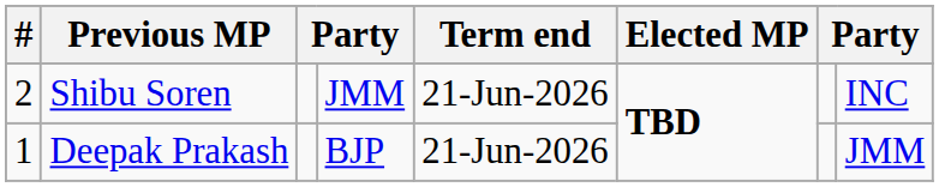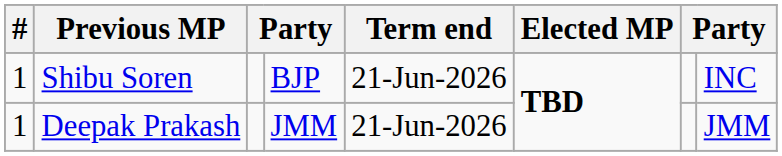 <table class="wikitable sortable">
 <tr>
 <th>#</th>
 <th>Previous MP</th>
 <th colspan="2">Party</th>
 <th>Term end</th>
 <th>Elected MP</th>
 <th colspan="2">Party</th>
 </tr>
 <tr>
-<td>2</td>
+<td>1</td>
 <td><a href='#'>Shibu Soren</a></td>
 <td width="1px"></td>
-<td><a href='#'>JMM</a></td>
+<td><a href='#'>BJP</a></td>
 <td>21-Jun-2026</td>
 <td Rowspan=2><strong>TBD</strong></td>
 <td width="1px"></td>
 <td><a href='#'>INC</a></td>
 </tr>
 <tr>
 <td>1</td>
 <td><a href='#'>Deepak Prakash</a></td>
 <td width="1px"></td>
-<td><a href='#'>BJP</a></td>
+<td><a href='#'>JMM</a></td>
 <td>21-Jun-2026</td>
 <td width="1px"></td>
 <td rowspan="1"><a href='#'>JMM</a></td>
 </tr>
 </table>
